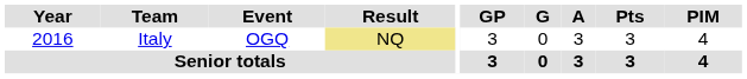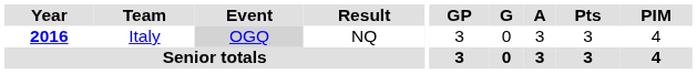 <table border="0" cellpadding="1" cellspacing="0" ID="Table3" style="text-align:center; width:40em">
 <tr ALIGN="center" bgcolor="#e0e0e0">
 <th>Year</th>
 <th>Team</th>
 <th>Event</th>
 <th>Result</th>
 <th rowspan="99" bgcolor="#ffffff"></th>
 <th>GP</th>
 <th>G</th>
 <th>A</th>
 <th>Pts</th>
 <th>PIM</th>
 </tr>
 <tr style="text-align:center;">
-<td><a href='#'>2016</a></td>
+<td><strong><a href='#'>2016</a></strong></td>
 <td><a href='#'>Italy</a></td>
-<td><a href='#'>OGQ</a></td>
-<td style="background: khaki;">NQ</td>
+<td style="background: lightgrey;"><a href='#'>OGQ</a></td>
+<td>NQ</td>
 <td>3</td>
 <td>0</td>
 <td>3</td>
 <td>3</td>
 <td>4</td>
 </tr>
 <tr bgcolor="#e0e0e0">
 <th colspan="4">Senior totals</th>
 <th>3</th>
 <th>0</th>
 <th>3</th>
 <th>3</th>
 <th>4</th>
 </tr>
 </table>
